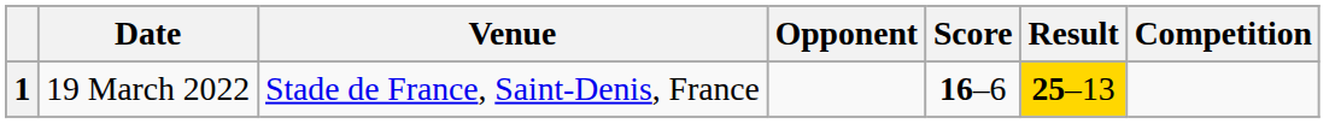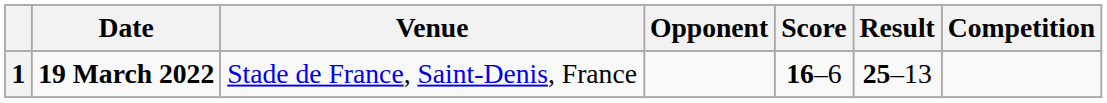 <table class="wikitable plainrowheaders" style="font-size:90%;">
 <tr>
 <th scope=col></th>
 <th scope=col data-sort-type=date>Date</th>
 <th scope=col>Venue</th>
 <th scope=col>Opponent</th>
 <th scope=col>Score</th>
 <th scope=col>Result</th>
 <th scope=col>Competition</th>
 </tr>
 <tr>
 <th scope=row>1</th>
-<td>19 March 2022</td>
+<td><strong>19 March 2022</strong></td>
 <td><a href='#'>Stade de France</a>, <a href='#'>Saint-Denis</a>, France</td>
 <td></td>
 <td align=center><strong>16</strong>–6</td>
-<td align=center style="background: gold;"><strong>25</strong>–13</td>
+<td align=center><strong>25</strong>–13</td>
 <td rowspan=2></td>
 </tr>
 </table>
